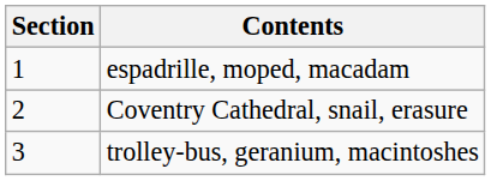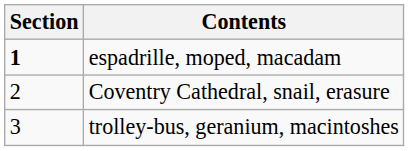 <table class="wikitable">
 <tr>
 <th>Section</th>
 <th>Contents</th>
 </tr>
 <tr>
-<td>1</td>
+<td><strong>1</strong></td>
 <td>espadrille, moped, macadam</td>
 </tr>
 <tr>
 <td>2</td>
 <td>Coventry Cathedral, snail, erasure</td>
 </tr>
 <tr>
 <td>3</td>
 <td>trolley-bus, geranium, macintoshes</td>
 </tr>
 </table>
